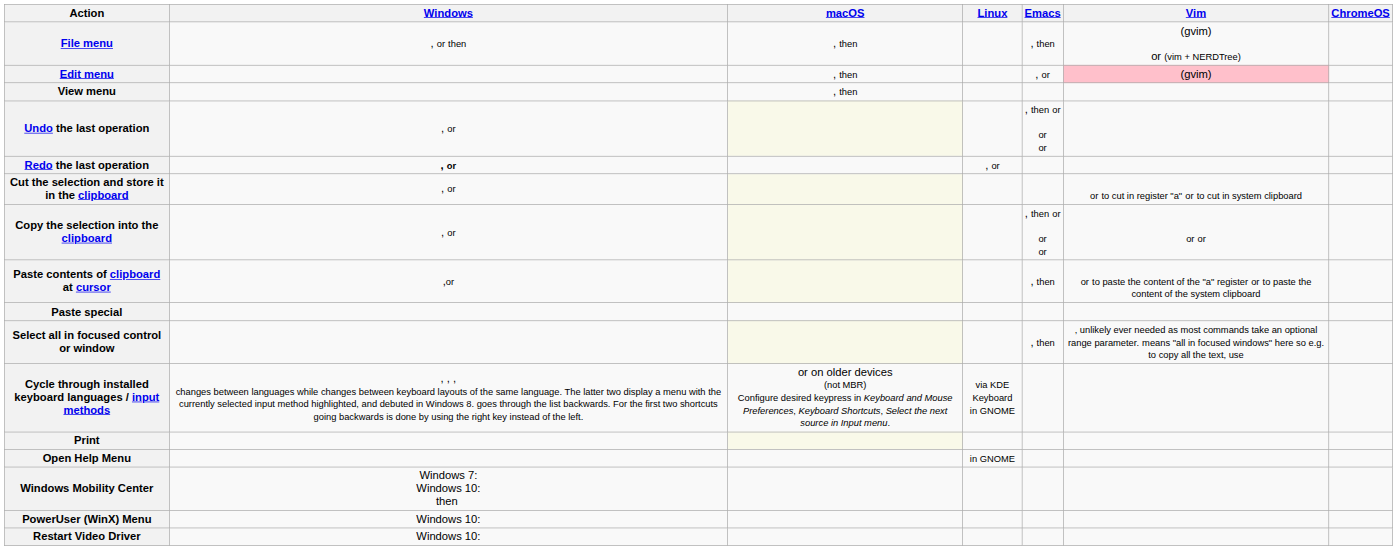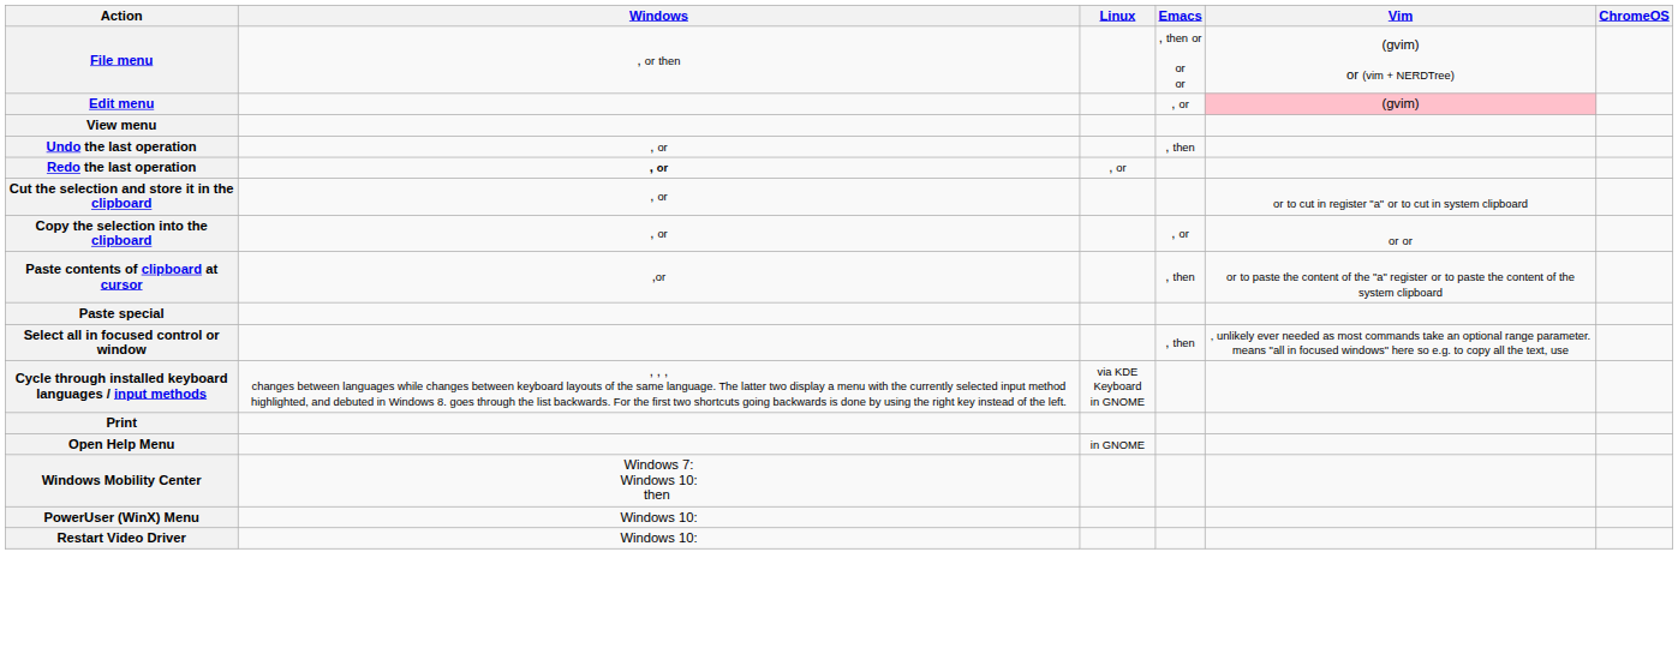 <table class="wikitable" style="width: 100%; text-align: center;">
 <tr>
 <th scope="col">Action</th>
 <th scope="col"><a href='#'>Windows</a></th>
-<th scope="col"><a href='#'>macOS</a></th>
 <th scope="col"><a href='#'>Linux</a></th>
 <th scope="col"><a href='#'>Emacs</a></th>
 <th scope="col"><a href='#'>Vim</a></th>
 <th scope="col"><a href='#'>ChromeOS</a></th>
 </tr>
 <tr>
 <th scope="col"><a href='#'>File menu</a></th>
 <td>, <small>or</small>  <small>then</small> </td>
-<td>, <small>then</small> </td>
 <td></td>
-<td>, <small>then</small> </td>
+<td>, <small>then</small>  <small>or</small><br><br> <small>or</small><br>  <small>or</small><br> </td>
 <td> (gvim)<br><br>or  <small>(vim + NERDTree)</small></td>
 <td></td>
 </tr>
 <tr>
 <th scope="col"><a href='#'>Edit menu</a></th>
 <td></td>
-<td>, <small>then</small> </td>
 <td></td>
 <td>, <small>or</small> </td>
 <td style="background: pink;"> (gvim)</td>
 <td></td>
 </tr>
 <tr>
 <th scope="row">View menu</th>
 <td></td>
-<td>, <small>then</small> </td>
 <td></td>
 <td></td>
 <td></td>
 <td></td>
 </tr>
 <tr>
 <th scope="col"><a href='#'>Undo</a> the last operation</th>
 <td>, <small>or</small><br> </td>
-<td style="background: #f9f9e9;"></td>
 <td></td>
-<td>, <small>then</small>  <small>or</small><br><br> <small>or</small><br>  <small>or</small><br> </td>
+<td>, <small>then</small> </td>
 <td></td>
 <td></td>
 </tr>
 <tr>
 <th scope="col"><a href='#'>Redo</a> the last operation</th>
 <td><strong>, <small>or</small> </strong></td>
-<td></td>
 <td>, <small>or</small> </td>
 <td></td>
 <td></td>
 <td></td>
 </tr>
 <tr>
 <th scope="row">Cut the selection and store it in the <a href='#'>clipboard</a></th>
 <td><a href='#'></a>, <small>or</small> </td>
-<td style="background: #f9f9e9;"></td>
 <td></td>
 <td></td>
 <td><br><small>or</small>  <small>to cut in register "a"</small> <small>or</small>  <small>to cut in system clipboard</small></td>
 <td></td>
 </tr>
 <tr>
 <th scope="row">Copy the selection into the <a href='#'>clipboard</a></th>
 <td><a href='#'></a>, <small>or</small> </td>
-<td style="background: #f9f9e9;"></td>
 <td></td>
-<td>, <small>then</small>  <small>or</small><br><br> <small>or</small><br>  <small>or</small><br> </td>
+<td>, <small>or</small> </td>
 <td><br><small>or</small>  <small>or</small> </td>
 <td></td>
 </tr>
 <tr>
 <th scope="row">Paste contents of <a href='#'>clipboard</a> at <a href='#'>cursor</a></th>
 <td><a href='#'></a>,<small>or</small> </td>
-<td style="background: #f9f9e9;"></td>
 <td></td>
 <td>, <small>then</small> </td>
 <td><br><small>or</small>  <small>to paste the content of the "a" register</small> <small>or</small>  <small>to paste the content of the system clipboard</small></td>
 <td></td>
 </tr>
 <tr>
 <th scope="row">Paste special</th>
 <td></td>
 <td></td>
 <td></td>
 <td></td>
 <td></td>
-<td></td>
 </tr>
 <tr>
 <th scope="row">Select all in focused control or window</th>
 <td></td>
-<td style="background: #f9f9e9;"></td>
 <td></td>
 <td>, <small>then</small> </td>
 <td><small>, unlikely ever needed as most commands take an optional range parameter.</small>  <small> means "all in focused windows" here so e.g. to copy all the text, use</small> </td>
 <td></td>
 </tr>
 <tr>
 <th scope="row">Cycle through installed keyboard languages / <a href='#'>input methods</a></th>
 <td>, , , <br><small> changes between languages while  changes between keyboard layouts of the same language. The latter two display a menu with the currently selected input method highlighted, and debuted in Windows 8.  goes through the list backwards. For the first two shortcuts going backwards is done by using the right  key instead of the left.</small></td>
-<td> or  on older devices<br><small>(not MBR)</small><br><small>Configure desired keypress in <em>Keyboard and Mouse Preferences</em>, <em>Keyboard Shortcuts</em>, <em>Select the next source in Input menu</em>.</small></td>
 <td> <small>via KDE Keyboard</small><br> <small>in GNOME</small></td>
 <td></td>
 <td></td>
 <td></td>
 </tr>
 <tr>
 <th scope="row">Print</th>
 <td></td>
-<td style="background: #f9f9e9;"></td>
 <td></td>
 <td></td>
 <td></td>
 <td></td>
 </tr>
 <tr>
 <th scope="row">Open Help Menu</th>
-<td></td>
 <td></td>
 <td> <small>in GNOME</small></td>
 <td></td>
 <td></td>
 <td></td>
 </tr>
 <tr>
 <th scope="row">Windows Mobility Center</th>
 <td>Windows 7: <br>Windows 10: <br> then </td>
 <td></td>
 <td></td>
 <td></td>
 <td></td>
-<td></td>
 </tr>
 <tr>
 <th scope="row">PowerUser (WinX) Menu</th>
 <td>Windows 10: </td>
-<td></td>
 <td></td>
 <td></td>
 <td></td>
 <td></td>
 </tr>
 <tr>
 <th scope="row">Restart Video Driver</th>
 <td>Windows 10: </td>
 <td></td>
 <td></td>
 <td></td>
 <td></td>
-<td></td>
 </tr>
 </table>
